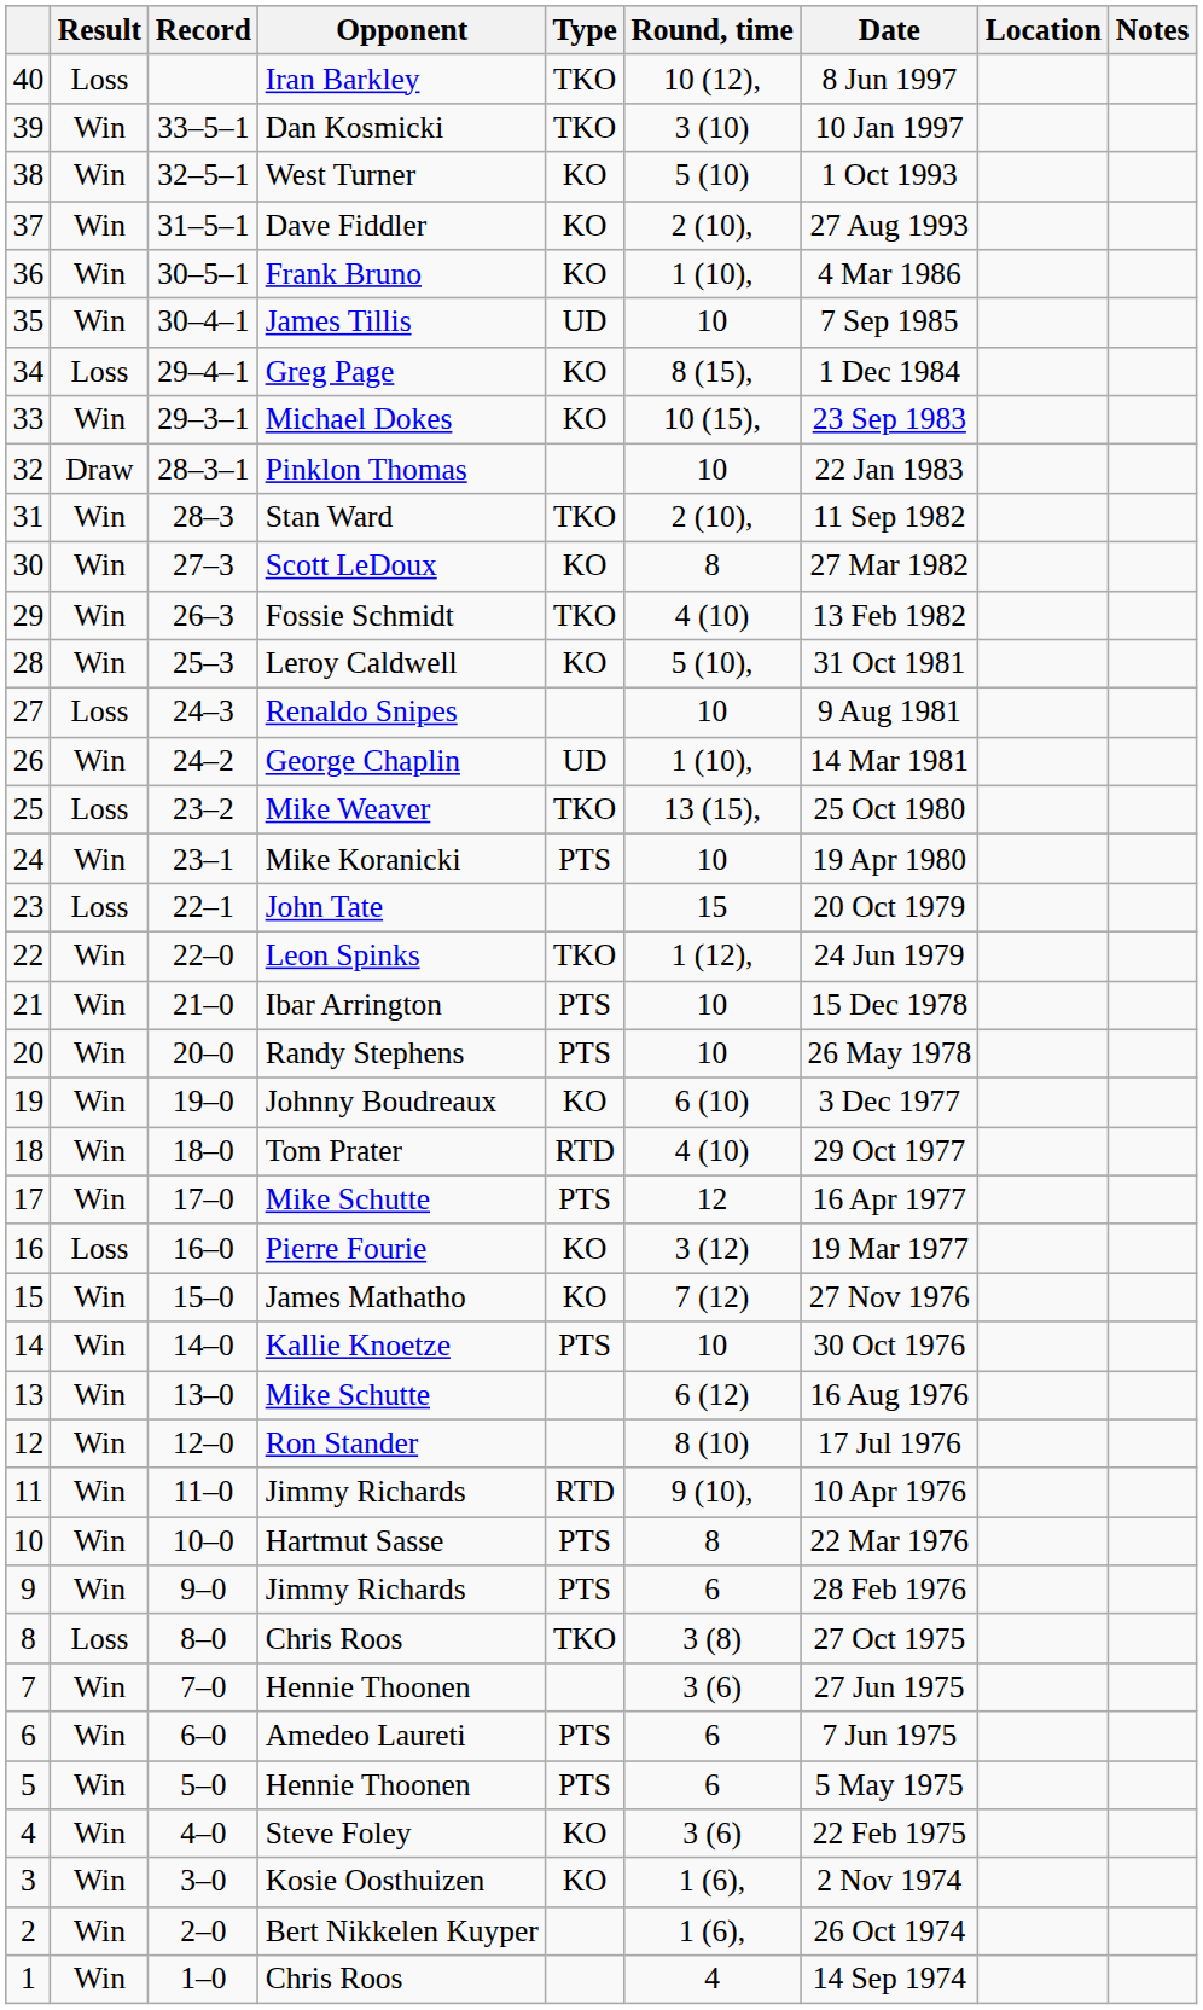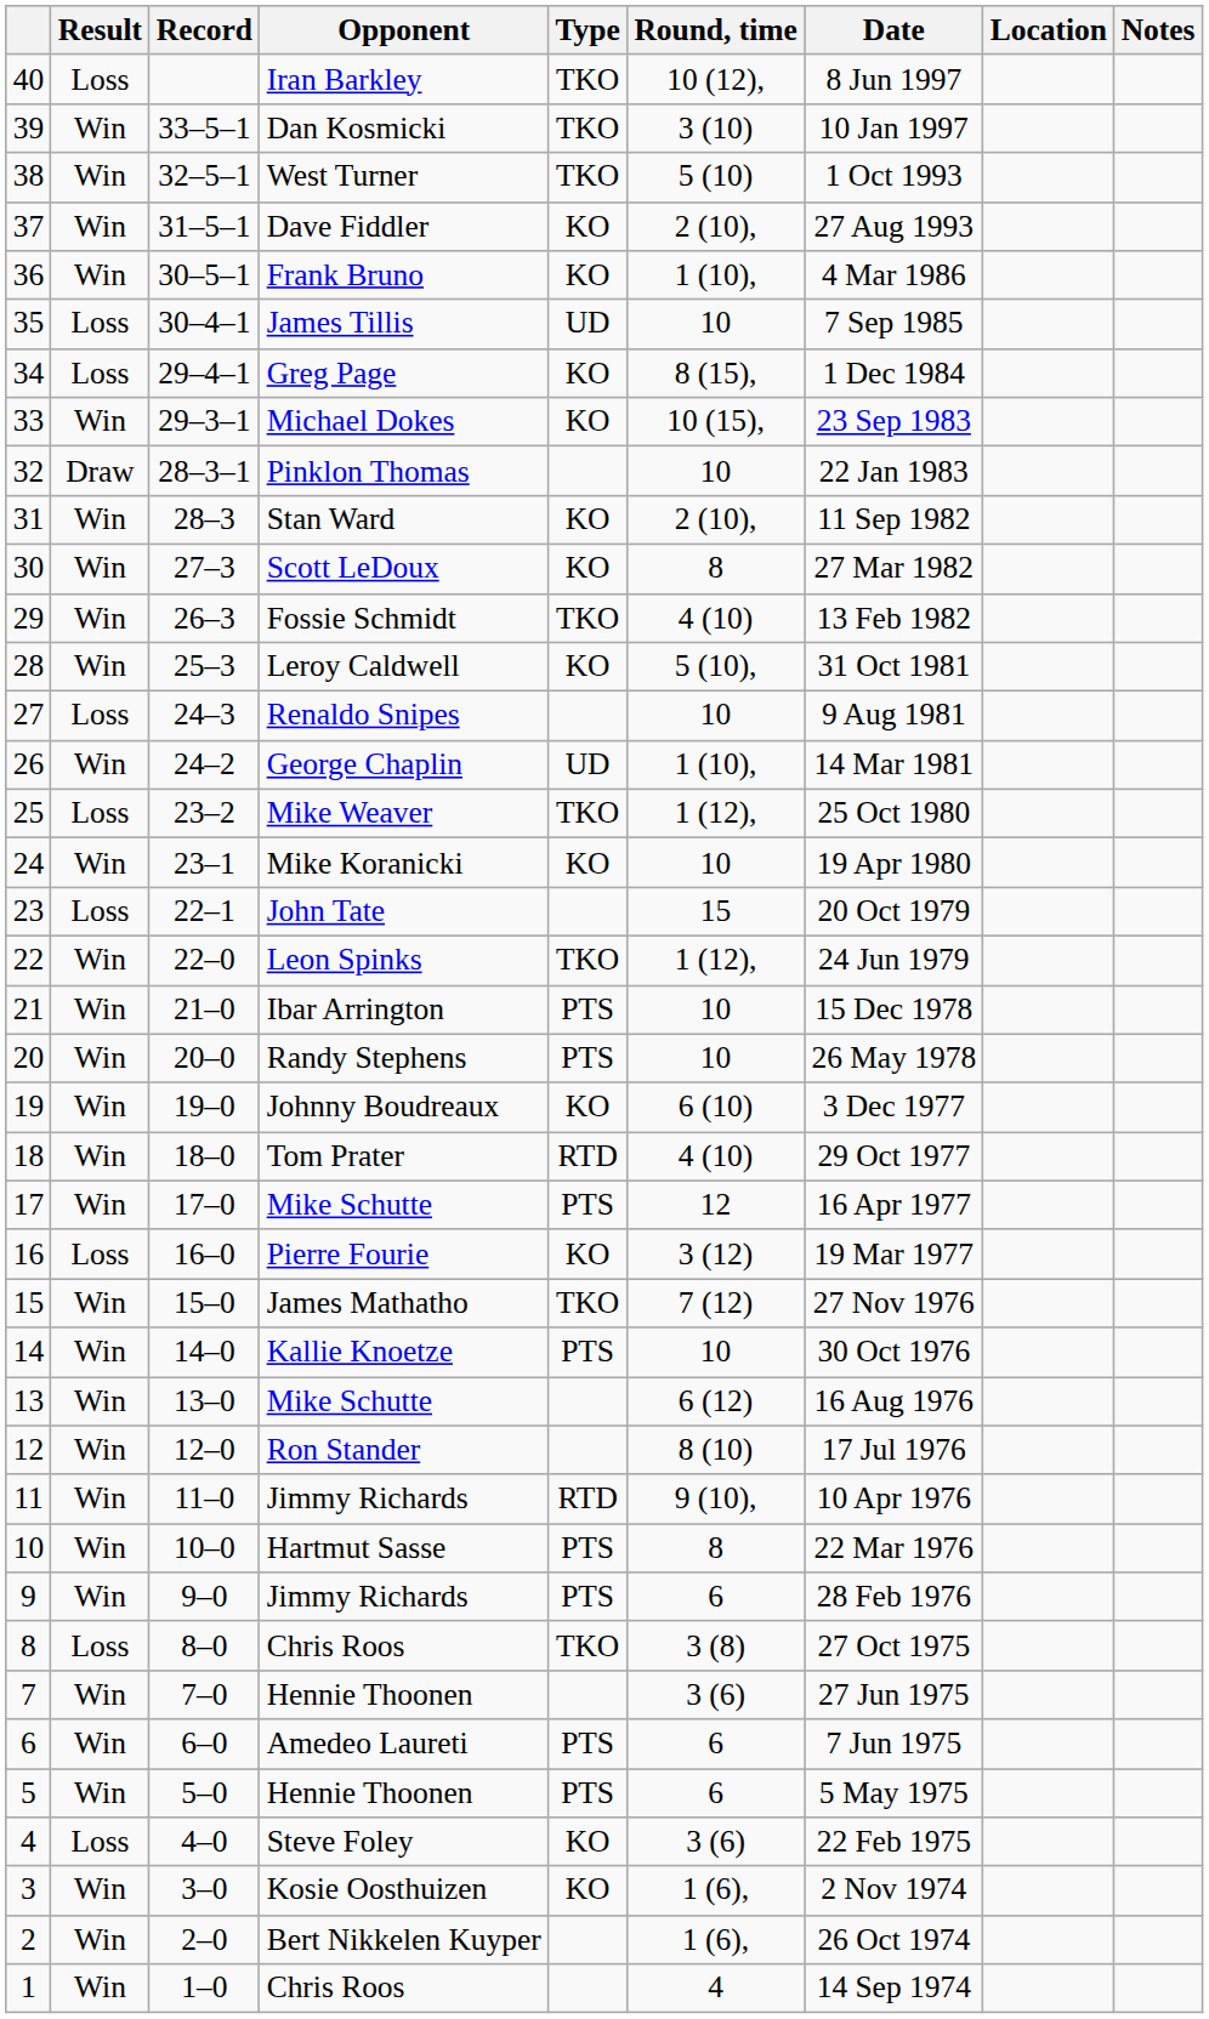 <table class="wikitable" style="text-align:center">
 <tr>
 <th></th>
 <th>Result</th>
 <th>Record</th>
 <th>Opponent</th>
 <th>Type</th>
 <th>Round, time</th>
 <th>Date</th>
 <th>Location</th>
 <th>Notes</th>
 </tr>
 <tr>
 <td>40</td>
 <td>Loss</td>
 <td></td>
 <td style="text-align:left;"><a href='#'>Iran Barkley</a></td>
 <td>TKO</td>
 <td>10 (12), </td>
 <td>8 Jun 1997</td>
 <td style="text-align:left;"></td>
 <td style="text-align:left;"></td>
 </tr>
 <tr>
 <td>39</td>
 <td>Win</td>
 <td>33–5–1</td>
 <td style="text-align:left;">Dan Kosmicki</td>
 <td>TKO</td>
 <td>3 (10)</td>
 <td>10 Jan 1997</td>
 <td style="text-align:left;"></td>
 <td></td>
 </tr>
 <tr>
 <td>38</td>
 <td>Win</td>
 <td>32–5–1</td>
 <td style="text-align:left;">West Turner</td>
-<td>KO</td>
+<td>TKO</td>
 <td>5 (10)</td>
 <td>1 Oct 1993</td>
 <td style="text-align:left;"></td>
 <td></td>
 </tr>
 <tr>
 <td>37</td>
 <td>Win</td>
 <td>31–5–1</td>
 <td style="text-align:left;">Dave Fiddler</td>
 <td>KO</td>
 <td>2 (10), </td>
 <td>27 Aug 1993</td>
 <td style="text-align:left;"></td>
 <td></td>
 </tr>
 <tr>
 <td>36</td>
 <td>Win</td>
 <td>30–5–1</td>
 <td style="text-align:left;"><a href='#'>Frank Bruno</a></td>
 <td>KO</td>
 <td>1 (10), </td>
 <td>4 Mar 1986</td>
 <td style="text-align:left;"></td>
 <td></td>
 </tr>
 <tr>
 <td>35</td>
-<td>Win</td>
+<td>Loss</td>
 <td>30–4–1</td>
 <td style="text-align:left;"><a href='#'>James Tillis</a></td>
 <td>UD</td>
 <td>10</td>
 <td>7 Sep 1985</td>
 <td style="text-align:left;"></td>
 <td></td>
 </tr>
 <tr>
 <td>34</td>
 <td>Loss</td>
 <td>29–4–1</td>
 <td style="text-align:left;"><a href='#'>Greg Page</a></td>
 <td>KO</td>
 <td>8 (15), </td>
 <td>1 Dec 1984</td>
 <td style="text-align:left;"></td>
 <td style="text-align:left;"></td>
 </tr>
 <tr>
 <td>33</td>
 <td>Win</td>
 <td>29–3–1</td>
 <td style="text-align:left;"><a href='#'>Michael Dokes</a></td>
 <td>KO</td>
 <td>10 (15), </td>
 <td><a href='#'>23 Sep 1983</a></td>
 <td style="text-align:left;"></td>
 <td style="text-align:left;"></td>
 </tr>
 <tr>
 <td>32</td>
 <td>Draw</td>
 <td>28–3–1</td>
 <td style="text-align:left;"><a href='#'>Pinklon Thomas</a></td>
 <td></td>
 <td>10</td>
 <td>22 Jan 1983</td>
 <td style="text-align:left;"></td>
 <td></td>
 </tr>
 <tr>
 <td>31</td>
 <td>Win</td>
 <td>28–3</td>
 <td style="text-align:left;">Stan Ward</td>
-<td>TKO</td>
+<td>KO</td>
 <td>2 (10), </td>
 <td>11 Sep 1982</td>
 <td style="text-align:left;"></td>
 <td></td>
 </tr>
 <tr>
 <td>30</td>
 <td>Win</td>
 <td>27–3</td>
 <td style="text-align:left;"><a href='#'>Scott LeDoux</a></td>
 <td>KO</td>
 <td>8</td>
 <td>27 Mar 1982</td>
 <td style="text-align:left;"></td>
 <td></td>
 </tr>
 <tr>
 <td>29</td>
 <td>Win</td>
 <td>26–3</td>
 <td style="text-align:left;">Fossie Schmidt</td>
 <td>TKO</td>
 <td>4 (10)</td>
 <td>13 Feb 1982</td>
 <td style="text-align:left;"></td>
 <td></td>
 </tr>
 <tr>
 <td>28</td>
 <td>Win</td>
 <td>25–3</td>
 <td style="text-align:left;">Leroy Caldwell</td>
 <td>KO</td>
 <td>5 (10), </td>
 <td>31 Oct 1981</td>
 <td style="text-align:left;"></td>
 <td></td>
 </tr>
 <tr>
 <td>27</td>
 <td>Loss</td>
 <td>24–3</td>
 <td style="text-align:left;"><a href='#'>Renaldo Snipes</a></td>
 <td></td>
 <td>10</td>
 <td>9 Aug 1981</td>
 <td style="text-align:left;"></td>
 <td></td>
 </tr>
 <tr>
 <td>26</td>
 <td>Win</td>
 <td>24–2</td>
 <td style="text-align:left;"><a href='#'>George Chaplin</a></td>
 <td>UD</td>
 <td>1 (10), </td>
 <td>14 Mar 1981</td>
 <td style="text-align:left;"></td>
 <td></td>
 </tr>
 <tr>
 <td>25</td>
 <td>Loss</td>
 <td>23–2</td>
 <td style="text-align:left;"><a href='#'>Mike Weaver</a></td>
 <td>TKO</td>
-<td>13 (15), </td>
+<td>1 (12), </td>
 <td>25 Oct 1980</td>
 <td style="text-align:left;"></td>
 <td style="text-align:left;"></td>
 </tr>
 <tr>
 <td>24</td>
 <td>Win</td>
 <td>23–1</td>
 <td style="text-align:left;">Mike Koranicki</td>
-<td>PTS</td>
+<td>KO</td>
 <td>10</td>
 <td>19 Apr 1980</td>
 <td style="text-align:left;"></td>
 <td></td>
 </tr>
 <tr>
 <td>23</td>
 <td>Loss</td>
 <td>22–1</td>
 <td style="text-align:left;"><a href='#'>John Tate</a></td>
 <td></td>
 <td>15</td>
 <td>20 Oct 1979</td>
 <td style="text-align:left;"></td>
 <td style="text-align:left;"></td>
 </tr>
 <tr>
 <td>22</td>
 <td>Win</td>
 <td>22–0</td>
 <td style="text-align:left;"><a href='#'>Leon Spinks</a></td>
 <td>TKO</td>
 <td>1 (12), </td>
 <td>24 Jun 1979</td>
 <td style="text-align:left;"></td>
 <td></td>
 </tr>
 <tr>
 <td>21</td>
 <td>Win</td>
 <td>21–0</td>
 <td style="text-align:left;">Ibar Arrington</td>
 <td>PTS</td>
 <td>10</td>
 <td>15 Dec 1978</td>
 <td style="text-align:left;"></td>
 <td></td>
 </tr>
 <tr>
 <td>20</td>
 <td>Win</td>
 <td>20–0</td>
 <td style="text-align:left;">Randy Stephens</td>
 <td>PTS</td>
 <td>10</td>
 <td>26 May 1978</td>
 <td style="text-align:left;"></td>
 <td></td>
 </tr>
 <tr>
 <td>19</td>
 <td>Win</td>
 <td>19–0</td>
 <td style="text-align:left;">Johnny Boudreaux</td>
 <td>KO</td>
 <td>6 (10)</td>
 <td>3 Dec 1977</td>
 <td style="text-align:left;"></td>
 <td></td>
 </tr>
 <tr>
 <td>18</td>
 <td>Win</td>
 <td>18–0</td>
 <td style="text-align:left;">Tom Prater</td>
 <td>RTD</td>
 <td>4 (10)</td>
 <td>29 Oct 1977</td>
 <td style="text-align:left;"></td>
 <td></td>
 </tr>
 <tr>
 <td>17</td>
 <td>Win</td>
 <td>17–0</td>
 <td style="text-align:left;"><a href='#'>Mike Schutte</a></td>
 <td>PTS</td>
 <td>12</td>
 <td>16 Apr 1977</td>
 <td style="text-align:left;"></td>
 <td style="text-align:left;"></td>
 </tr>
 <tr>
 <td>16</td>
 <td>Loss</td>
 <td>16–0</td>
 <td style="text-align:left;"><a href='#'>Pierre Fourie</a></td>
 <td>KO</td>
 <td>3 (12)</td>
 <td>19 Mar 1977</td>
 <td style="text-align:left;"></td>
 <td style="text-align:left;"></td>
 </tr>
 <tr>
 <td>15</td>
 <td>Win</td>
 <td>15–0</td>
 <td style="text-align:left;">James Mathatho</td>
-<td>KO</td>
+<td>TKO</td>
 <td>7 (12)</td>
 <td>27 Nov 1976</td>
 <td style="text-align:left;"></td>
 <td style="text-align:left;"></td>
 </tr>
 <tr>
 <td>14</td>
 <td>Win</td>
 <td>14–0</td>
 <td style="text-align:left;"><a href='#'>Kallie Knoetze</a></td>
 <td>PTS</td>
 <td>10</td>
 <td>30 Oct 1976</td>
 <td style="text-align:left;"></td>
 <td></td>
 </tr>
 <tr>
 <td>13</td>
 <td>Win</td>
 <td>13–0</td>
 <td style="text-align:left;"><a href='#'>Mike Schutte</a></td>
 <td></td>
 <td>6 (12)</td>
 <td>16 Aug 1976</td>
 <td style="text-align:left;"></td>
 <td style="text-align:left;"></td>
 </tr>
 <tr>
 <td>12</td>
 <td>Win</td>
 <td>12–0</td>
 <td style="text-align:left;"><a href='#'>Ron Stander</a></td>
 <td></td>
 <td>8 (10)</td>
 <td>17 Jul 1976</td>
 <td style="text-align:left;"></td>
 <td></td>
 </tr>
 <tr>
 <td>11</td>
 <td>Win</td>
 <td>11–0</td>
 <td style="text-align:left;">Jimmy Richards</td>
 <td>RTD</td>
 <td>9 (10), </td>
 <td>10 Apr 1976</td>
 <td style="text-align:left;"></td>
 <td style="text-align:left;"></td>
 </tr>
 <tr>
 <td>10</td>
 <td>Win</td>
 <td>10–0</td>
 <td style="text-align:left;">Hartmut Sasse</td>
 <td>PTS</td>
 <td>8</td>
 <td>22 Mar 1976</td>
 <td style="text-align:left;"></td>
 <td></td>
 </tr>
 <tr>
 <td>9</td>
 <td>Win</td>
 <td>9–0</td>
 <td style="text-align:left;">Jimmy Richards</td>
 <td>PTS</td>
 <td>6</td>
 <td>28 Feb 1976</td>
 <td style="text-align:left;"></td>
 <td></td>
 </tr>
 <tr>
 <td>8</td>
 <td>Loss</td>
 <td>8–0</td>
 <td style="text-align:left;">Chris Roos</td>
 <td>TKO</td>
 <td>3 (8)</td>
 <td>27 Oct 1975</td>
 <td style="text-align:left;"></td>
 <td></td>
 </tr>
 <tr>
 <td>7</td>
 <td>Win</td>
 <td>7–0</td>
 <td style="text-align:left;">Hennie Thoonen</td>
 <td></td>
 <td>3 (6)</td>
 <td>27 Jun 1975</td>
 <td style="text-align:left;"></td>
 <td></td>
 </tr>
 <tr>
 <td>6</td>
 <td>Win</td>
 <td>6–0</td>
 <td style="text-align:left;">Amedeo Laureti</td>
 <td>PTS</td>
 <td>6</td>
 <td>7 Jun 1975</td>
 <td style="text-align:left;"></td>
 <td></td>
 </tr>
 <tr>
 <td>5</td>
 <td>Win</td>
 <td>5–0</td>
 <td style="text-align:left;">Hennie Thoonen</td>
 <td>PTS</td>
 <td>6</td>
 <td>5 May 1975</td>
 <td style="text-align:left;"></td>
 <td></td>
 </tr>
 <tr>
 <td>4</td>
-<td>Win</td>
+<td>Loss</td>
 <td>4–0</td>
 <td style="text-align:left;">Steve Foley</td>
 <td>KO</td>
 <td>3 (6)</td>
 <td>22 Feb 1975</td>
 <td style="text-align:left;"></td>
 <td></td>
 </tr>
 <tr>
 <td>3</td>
 <td>Win</td>
 <td>3–0</td>
 <td style="text-align:left;">Kosie Oosthuizen</td>
 <td>KO</td>
 <td>1 (6), </td>
 <td>2 Nov 1974</td>
 <td style="text-align:left;"></td>
 <td></td>
 </tr>
 <tr>
 <td>2</td>
 <td>Win</td>
 <td>2–0</td>
 <td style="text-align:left;">Bert Nikkelen Kuyper</td>
 <td></td>
 <td>1 (6), </td>
 <td>26 Oct 1974</td>
 <td style="text-align:left;"></td>
 <td></td>
 </tr>
 <tr>
 <td>1</td>
 <td>Win</td>
 <td>1–0</td>
 <td style="text-align:left;">Chris Roos</td>
 <td></td>
 <td>4</td>
 <td>14 Sep 1974</td>
 <td style="text-align:left;"></td>
 <td></td>
 </tr>
 </table>
